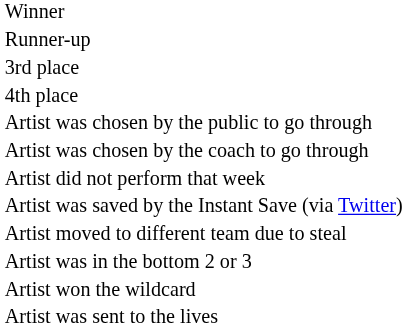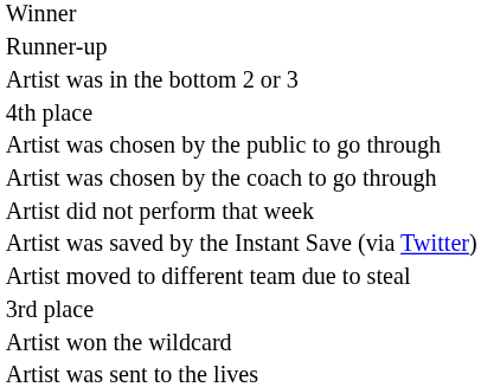 <table>
 <tr>
 <td> Winner</td>
 </tr>
 <tr>
 <td> Runner-up</td>
 </tr>
 <tr>
-<td> 3rd place</td>
+<td> Artist was in the bottom 2 or 3</td>
 </tr>
 <tr>
 <td> 4th place</td>
 </tr>
 <tr>
 <td> Artist was chosen by the public to go through</td>
 </tr>
 <tr>
 <td> Artist was chosen by the coach to go through</td>
 </tr>
 <tr>
 <td> Artist did not perform that week</td>
 </tr>
 <tr>
 <td> Artist was saved by the Instant Save (via <a href='#'>Twitter</a>)</td>
 </tr>
 <tr>
 <td> Artist moved to different team due to steal</td>
 </tr>
 <tr>
-<td> Artist was in the bottom 2 or 3</td>
+<td> 3rd place</td>
 </tr>
 <tr>
 <td> Artist won the wildcard</td>
 </tr>
 <tr>
 <td> Artist was sent to the lives</td>
 </tr>
 </table>
